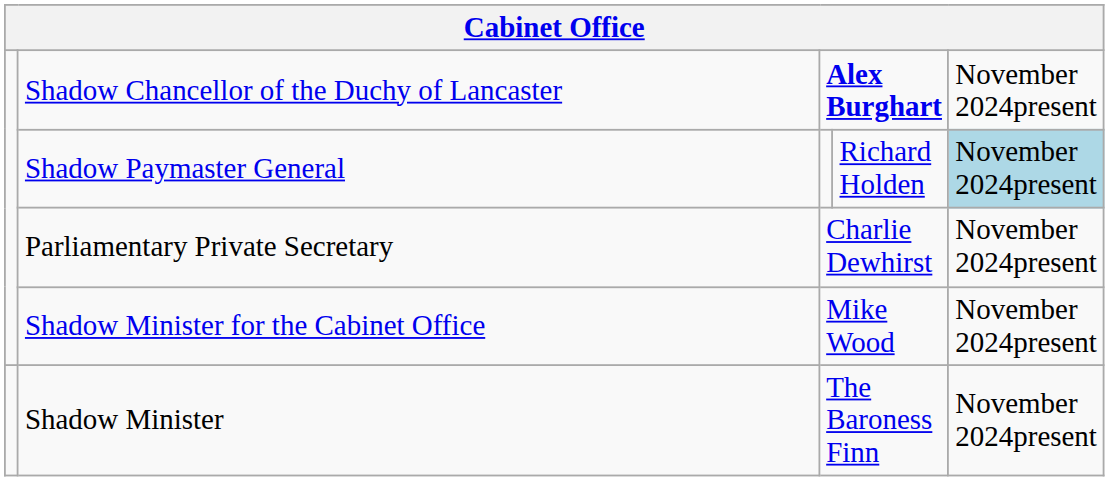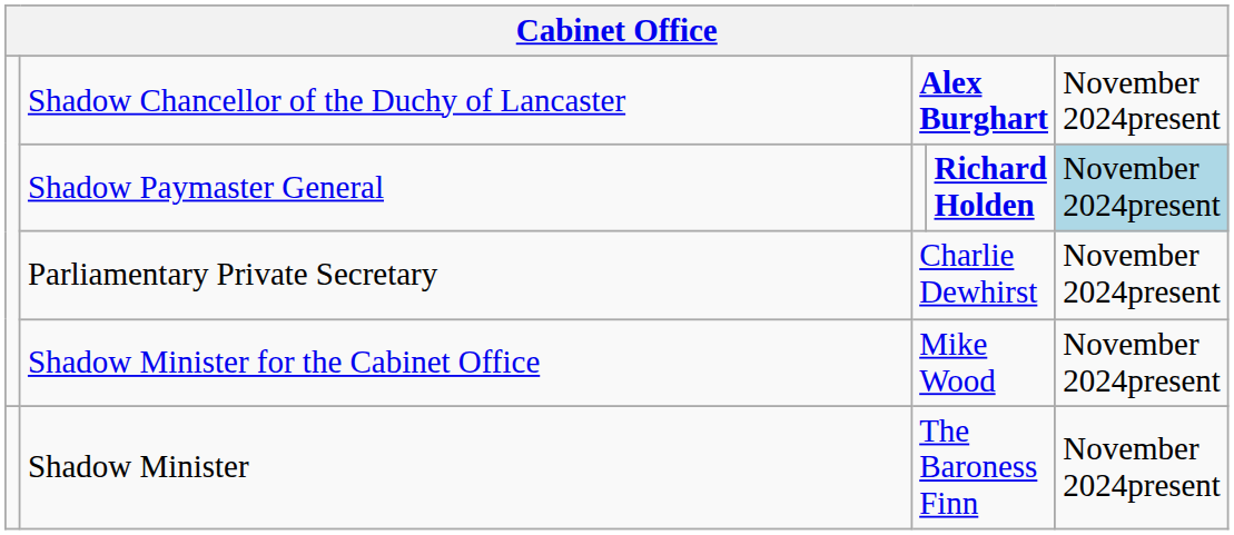 <table class="wikitable">
 <tr>
 <th colspan="5"><a href='#'>Cabinet Office</a></th>
 </tr>
 <tr>
 <td rowspan="4" style="background: "></td>
 <td style="width: 450px;"><a href='#'>Shadow Chancellor of the Duchy of Lancaster</a></td>
 <td colspan="2"><strong><a href='#'>Alex Burghart</a></strong></td>
 <td>November 2024present</td>
 </tr>
 <tr>
 <td><a href='#'>Shadow Paymaster General</a></td>
 <td style="background: "></td>
-<td><a href='#'>Richard Holden</a></td>
+<td><strong><a href='#'>Richard Holden</a></strong></td>
 <td style="background: lightblue;">November 2024present</td>
 </tr>
 <tr>
 <td>Parliamentary Private Secretary</td>
 <td colspan="2"><a href='#'>Charlie Dewhirst</a></td>
 <td>November 2024present</td>
 </tr>
 <tr>
 <td><a href='#'>Shadow Minister for the Cabinet Office</a></td>
 <td colspan="2"><a href='#'>Mike Wood</a></td>
 <td>November 2024present</td>
 </tr>
 <tr>
 <td style="background: "></td>
 <td>Shadow Minister</td>
 <td colspan="2"><a href='#'>The Baroness Finn</a></td>
 <td>November 2024present</td>
 </tr>
 </table>
